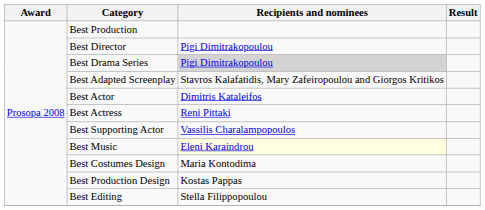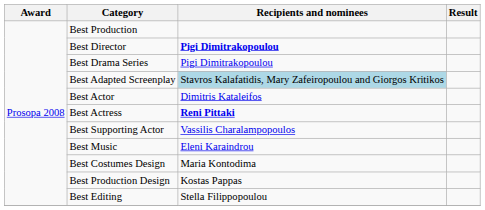 <table class="wikitable">
 <tr>
 <th>Award</th>
 <th>Category</th>
 <th>Recipients and nominees</th>
 <th>Result</th>
 </tr>
 <tr>
 <td rowspan="11"><a href='#'>Prosopa 2008</a></td>
 <td>Best Production</td>
 <td></td>
 <td></td>
 </tr>
 <tr>
 <td>Best Director</td>
+<td><strong><a href='#'>Pigi Dimitrakopoulou</a></strong></td>
+<td></td>
+</tr>
+<tr>
+<td>Best Drama Series</td>
 <td><a href='#'>Pigi Dimitrakopoulou</a></td>
 <td></td>
 </tr>
 <tr>
-<td>Best Drama Series</td>
-<td style="background: lightgrey;"><a href='#'>Pigi Dimitrakopoulou</a></td>
-<td></td>
-</tr>
-<tr>
 <td>Best Adapted Screenplay</td>
-<td>Stavros Kalafatidis, Mary Zafeiropoulou and Giorgos Kritikos</td>
+<td style="background: lightblue;">Stavros Kalafatidis, Mary Zafeiropoulou and Giorgos Kritikos</td>
 <td></td>
 </tr>
 <tr>
 <td>Best Actor</td>
 <td><a href='#'>Dimitris Kataleifos</a></td>
 <td></td>
 </tr>
 <tr>
 <td>Best Actress</td>
-<td><a href='#'>Reni Pittaki</a></td>
+<td><strong><a href='#'>Reni Pittaki</a></strong></td>
 <td></td>
 </tr>
 <tr>
 <td>Best Supporting Actor</td>
 <td><a href='#'>Vassilis Charalampopoulos</a></td>
 <td></td>
 </tr>
 <tr>
 <td>Best Music</td>
-<td style="background: lightyellow;"><a href='#'>Eleni Karaindrou</a></td>
+<td><a href='#'>Eleni Karaindrou</a></td>
 <td></td>
 </tr>
 <tr>
 <td>Best Costumes Design</td>
 <td>Maria Kontodima</td>
 <td></td>
 </tr>
 <tr>
 <td>Best Production Design</td>
 <td>Kostas Pappas</td>
 <td></td>
 </tr>
 <tr>
 <td>Best Editing</td>
 <td>Stella Filippopoulou</td>
 <td></td>
 </tr>
 <tr>
 </tr>
 </table>
